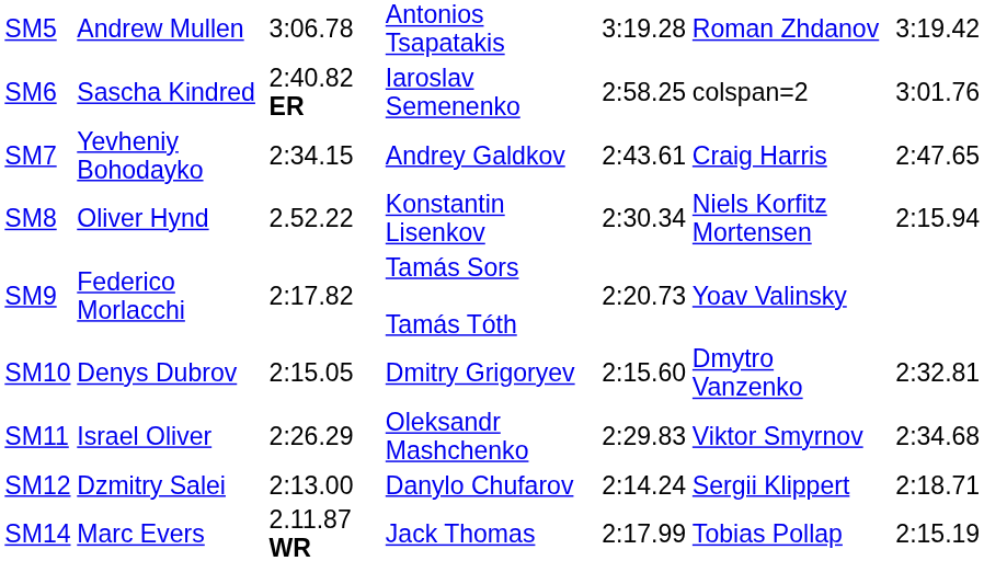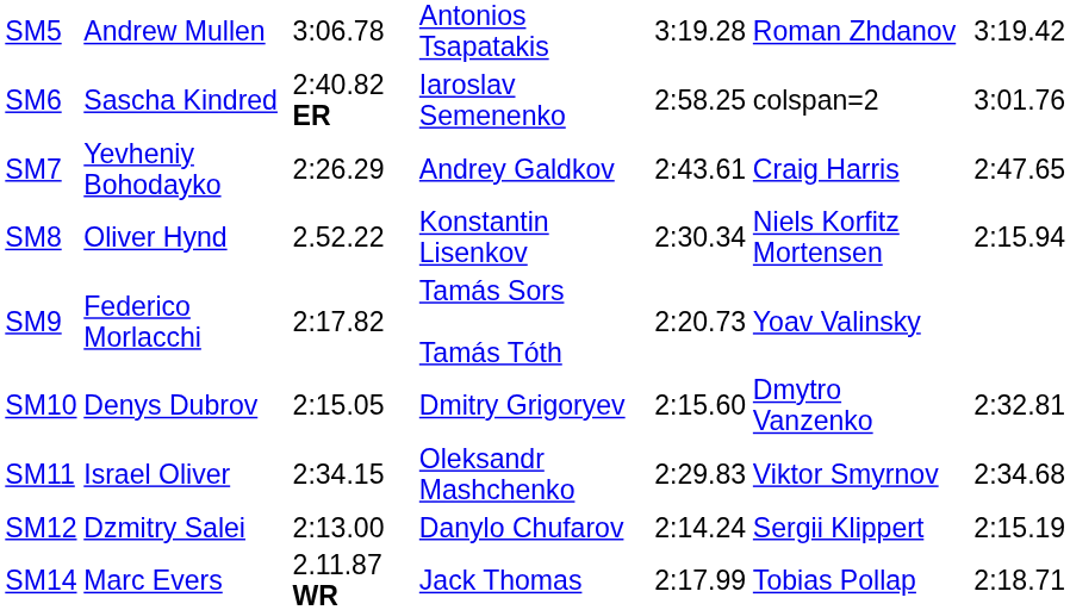 <table>
 <tr>
 <td><a href='#'>SM5</a></td>
 <td><a href='#'>Andrew Mullen</a><br></td>
 <td>3:06.78</td>
 <td><a href='#'>Antonios Tsapatakis</a><br></td>
 <td>3:19.28</td>
 <td><a href='#'>Roman Zhdanov</a><br></td>
 <td>3:19.42</td>
 </tr>
 <tr>
 <td><a href='#'>SM6</a></td>
 <td><a href='#'>Sascha Kindred</a><br></td>
 <td>2:40.82 <strong>ER</strong></td>
 <td><a href='#'>Iaroslav Semenenko</a><br></td>
 <td>2:58.25</td>
 <td>colspan=2 </td>
 <td>3:01.76</td>
 </tr>
 <tr>
 <td><a href='#'>SM7</a></td>
 <td><a href='#'>Yevheniy Bohodayko</a><br></td>
-<td>2:34.15</td>
+<td>2:26.29</td>
 <td><a href='#'>Andrey Galdkov</a><br></td>
 <td>2:43.61</td>
 <td><a href='#'>Craig Harris</a><br></td>
 <td>2:47.65</td>
 </tr>
 <tr>
 <td><a href='#'>SM8</a></td>
 <td><a href='#'>Oliver Hynd</a><br></td>
 <td>2.52.22</td>
 <td><a href='#'>Konstantin Lisenkov</a><br></td>
 <td>2:30.34</td>
 <td><a href='#'>Niels Korfitz Mortensen</a><br></td>
 <td>2:15.94</td>
 </tr>
 <tr>
 <td><a href='#'>SM9</a></td>
 <td><a href='#'>Federico Morlacchi</a><br></td>
 <td>2:17.82</td>
 <td><a href='#'>Tamás Sors</a><br><br><a href='#'>Tamás Tóth</a><br></td>
 <td>2:20.73</td>
 <td><a href='#'>Yoav Valinsky</a><br></td>
 </tr>
 <tr>
 <td><a href='#'>SM10</a></td>
 <td><a href='#'>Denys Dubrov</a><br></td>
 <td>2:15.05</td>
 <td><a href='#'>Dmitry Grigoryev</a><br></td>
 <td>2:15.60</td>
 <td><a href='#'>Dmytro Vanzenko</a><br></td>
 <td>2:32.81</td>
 </tr>
 <tr>
 <td><a href='#'>SM11</a></td>
 <td><a href='#'>Israel Oliver</a><br></td>
-<td>2:26.29</td>
+<td>2:34.15</td>
 <td><a href='#'>Oleksandr Mashchenko</a><br></td>
 <td>2:29.83</td>
 <td><a href='#'>Viktor Smyrnov</a><br></td>
 <td>2:34.68</td>
 </tr>
 <tr>
 <td><a href='#'>SM12</a></td>
 <td><a href='#'>Dzmitry Salei</a><br></td>
 <td>2:13.00</td>
 <td><a href='#'>Danylo Chufarov</a><br></td>
 <td>2:14.24</td>
 <td><a href='#'>Sergii Klippert</a><br></td>
-<td>2:18.71</td>
+<td>2:15.19</td>
 </tr>
 <tr>
 <td><a href='#'>SM14</a></td>
 <td><a href='#'>Marc Evers</a><br></td>
 <td>2.11.87 <strong>WR</strong></td>
 <td><a href='#'>Jack Thomas</a><br></td>
 <td>2:17.99</td>
 <td><a href='#'>Tobias Pollap</a><br></td>
-<td>2:15.19</td>
+<td>2:18.71</td>
 </tr>
 </table>
